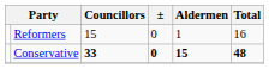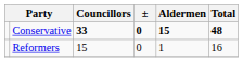 <table class="wikitable">
 <tr>
 <th colspan="2">Party</th>
 <th>Councillors</th>
 <th>  ±  </th>
 <th>Aldermen</th>
 <th>Total</th>
 </tr>
 <tr>
 <td style="background-color: "></td>
+<td><a href='#'>Conservative</a></td>
+<td><strong>33</strong></td>
+<td><strong>0</strong></td>
+<td><strong>15</strong></td>
+<td><strong>48</strong></td>
+</tr>
+<tr>
+<td style="background-color: "></td>
 <td><a href='#'>Reformers</a></td>
 <td>15</td>
 <td>0</td>
 <td>1</td>
 <td>16</td>
 </tr>
 <tr>
-<td style="background-color: "></td>
-<td><a href='#'>Conservative</a></td>
-<td><strong>33</strong></td>
-<td><strong>0</strong></td>
-<td><strong>15</strong></td>
-<td><strong>48</strong></td>
-</tr>
-<tr>
 </tr>
 </table>
